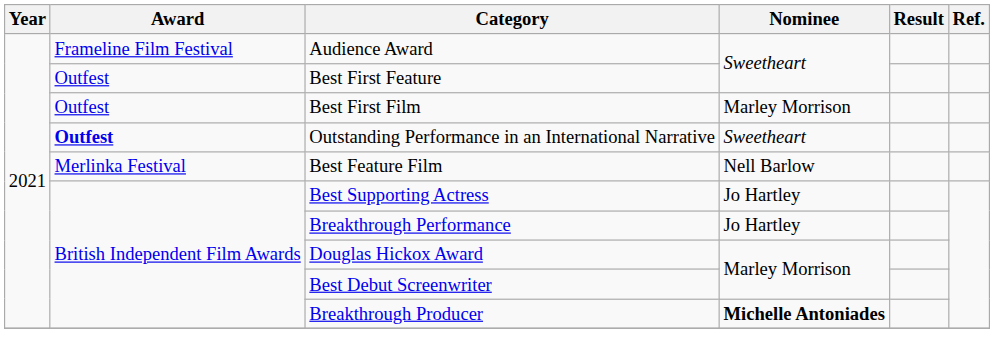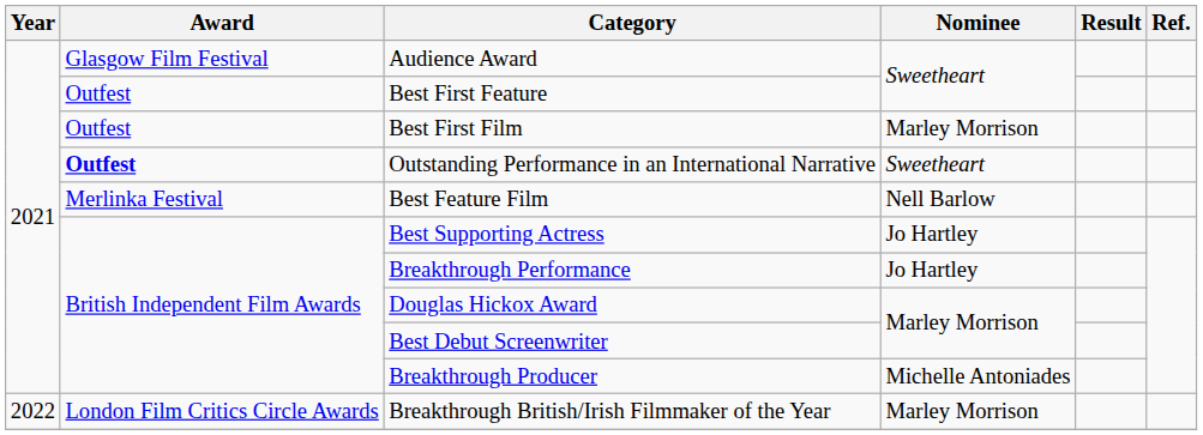 <table class="wikitable">
 <tr>
 <th>Year</th>
 <th>Award</th>
 <th>Category</th>
 <th>Nominee</th>
 <th>Result</th>
 <th>Ref.</th>
 </tr>
 <tr>
 <td rowspan="10">2021</td>
-<td><a href='#'>Frameline Film Festival</a></td>
+<td><a href='#'>Glasgow Film Festival</a></td>
 <td>Audience Award</td>
 <td rowspan="2"><em>Sweetheart</em></td>
 <td></td>
 <td></td>
 </tr>
 <tr>
 <td><a href='#'>Outfest</a></td>
 <td>Best First Feature</td>
 <td></td>
 <td></td>
 </tr>
 <tr>
 <td><a href='#'>Outfest</a></td>
 <td>Best First Film</td>
 <td>Marley Morrison</td>
 <td></td>
 <td></td>
 </tr>
 <tr>
 <td><strong><a href='#'>Outfest</a></strong></td>
 <td>Outstanding Performance in an International Narrative</td>
 <td><em>Sweetheart</em></td>
 <td></td>
 <td></td>
 </tr>
 <tr>
 <td><a href='#'>Merlinka Festival</a></td>
 <td>Best Feature Film</td>
 <td>Nell Barlow</td>
 <td></td>
 <td></td>
 </tr>
 <tr>
 <td rowspan="5"><a href='#'>British Independent Film Awards</a></td>
 <td><a href='#'>Best Supporting Actress</a></td>
 <td>Jo Hartley</td>
 <td></td>
 <td rowspan="5"></td>
 </tr>
 <tr>
 <td><a href='#'>Breakthrough Performance</a></td>
 <td>Jo Hartley</td>
 <td></td>
 </tr>
 <tr>
 <td><a href='#'>Douglas Hickox Award</a></td>
 <td rowspan="2">Marley Morrison</td>
 <td></td>
 </tr>
 <tr>
 <td><a href='#'>Best Debut Screenwriter</a></td>
 <td></td>
 </tr>
 <tr>
 <td><a href='#'>Breakthrough Producer</a></td>
-<td><strong>Michelle Antoniades</strong></td>
+<td>Michelle Antoniades</td>
+<td></td>
+</tr>
+<tr>
+<td>2022</td>
+<td><a href='#'>London Film Critics Circle Awards</a></td>
+<td>Breakthrough British/Irish Filmmaker of the Year</td>
+<td>Marley Morrison</td>
+<td></td>
 <td></td>
 </tr>
 <tr>
 </tr>
 </table>
